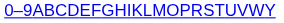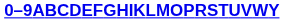 <table id="toc" class="toc" summary="Class">
 <tr>
 <th></th>
 </tr>
 <tr>
-<td style="text-align:center;"><a href='#'>0–9</a><a href='#'>A</a><a href='#'>B</a><a href='#'>C</a><a href='#'>D</a><a href='#'>E</a><a href='#'>F</a><a href='#'>G</a><a href='#'>H</a><a href='#'>I</a><a href='#'>K</a><a href='#'>L</a><a href='#'>M</a><a href='#'>O</a><a href='#'>P</a><a href='#'>R</a><a href='#'>S</a><a href='#'>T</a><a href='#'>U</a><a href='#'>V</a><a href='#'>W</a><a href='#'>Y</a></td>
+<td style="text-align:center;"><strong><a href='#'>0–9</a><a href='#'>A</a><a href='#'>B</a><a href='#'>C</a><a href='#'>D</a><a href='#'>E</a><a href='#'>F</a><a href='#'>G</a><a href='#'>H</a><a href='#'>I</a><a href='#'>K</a><a href='#'>L</a><a href='#'>M</a><a href='#'>O</a><a href='#'>P</a><a href='#'>R</a><a href='#'>S</a><a href='#'>T</a><a href='#'>U</a><a href='#'>V</a><a href='#'>W</a><a href='#'>Y</a></strong></td>
 </tr>
 </table>
